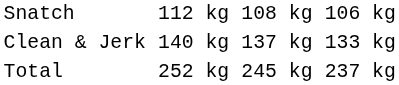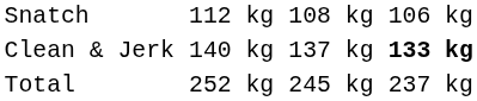 <table>
 <tr>
 <td>Snatch</td>
 <td></td>
 <td>112 kg</td>
 <td></td>
 <td>108 kg</td>
 <td></td>
 <td>106 kg</td>
 </tr>
 <tr>
 <td>Clean & Jerk</td>
 <td></td>
 <td>140 kg</td>
 <td></td>
 <td>137 kg</td>
 <td></td>
-<td>133 kg</td>
+<td><strong>133 kg</strong></td>
 </tr>
 <tr>
 <td>Total</td>
 <td></td>
 <td>252 kg</td>
 <td></td>
 <td>245 kg</td>
 <td></td>
 <td>237 kg</td>
 </tr>
 </table>
